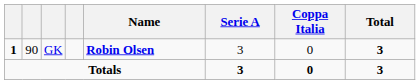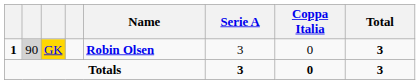 <table class="wikitable" style="text-align:center">
 <tr>
 <th width=15></th>
 <th width=15></th>
 <th width=15></th>
 <th width=15></th>
 <th width=145>Name</th>
 <th width=80><strong><a href='#'>Serie A</a></strong></th>
 <th width=80><strong><a href='#'>Coppa Italia</a></strong></th>
 <th width=80>Total</th>
 </tr>
 <tr>
 <td><strong>1</strong></td>
-<td>90</td>
-<td><a href='#'>GK</a></td>
+<td style="background: lightgrey;">90</td>
+<td style="background: gold;"><a href='#'>GK</a></td>
 <td></td>
 <td align=left><strong><a href='#'>Robin Olsen</a></strong></td>
 <td>3</td>
 <td>0</td>
 <td><strong>3</strong></td>
 </tr>
 <tr>
 <td colspan=5><strong>Totals</strong></td>
 <td><strong>3</strong></td>
 <td><strong>0</strong></td>
 <td><strong>3</strong></td>
 </tr>
 </table>
